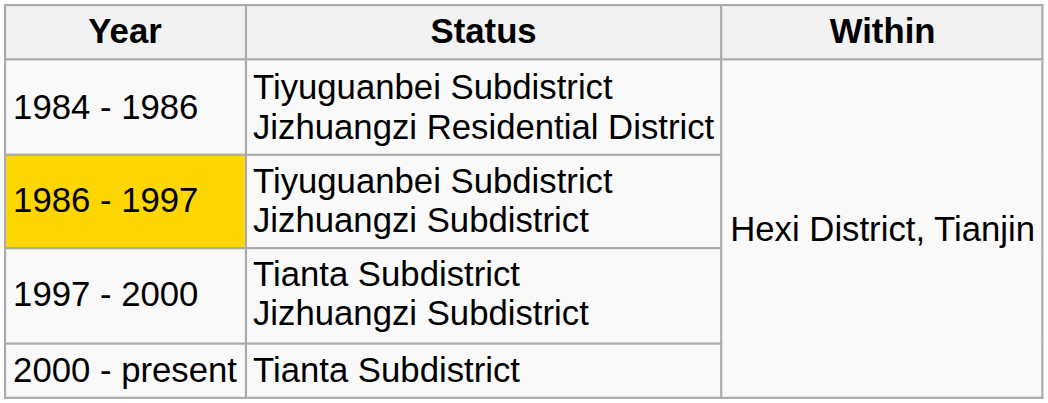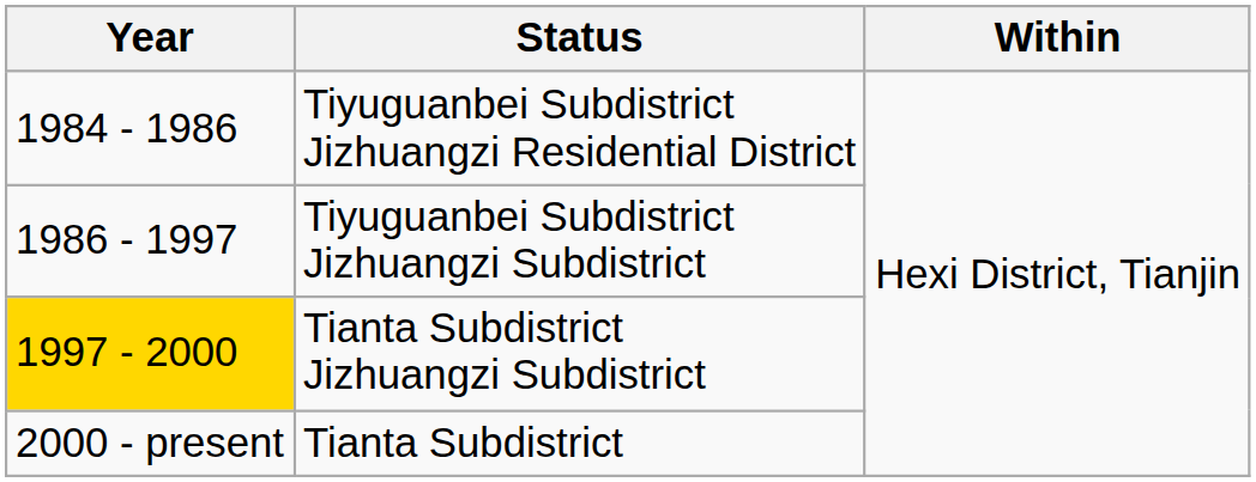 <table class="wikitable">
 <tr>
 <th>Year</th>
 <th>Status</th>
 <th>Within</th>
 </tr>
 <tr>
 <td>1984 - 1986</td>
 <td>Tiyuguanbei Subdistrict<br>Jizhuangzi Residential District</td>
 <td rowspan="4">Hexi District, Tianjin</td>
 </tr>
 <tr>
-<td style="background: gold;">1986 - 1997</td>
+<td>1986 - 1997</td>
 <td>Tiyuguanbei Subdistrict<br>Jizhuangzi Subdistrict</td>
 </tr>
 <tr>
-<td>1997 - 2000</td>
+<td style="background: gold;">1997 - 2000</td>
 <td>Tianta Subdistrict<br>Jizhuangzi Subdistrict</td>
 </tr>
 <tr>
 <td>2000 - present</td>
 <td>Tianta Subdistrict</td>
 </tr>
 </table>
